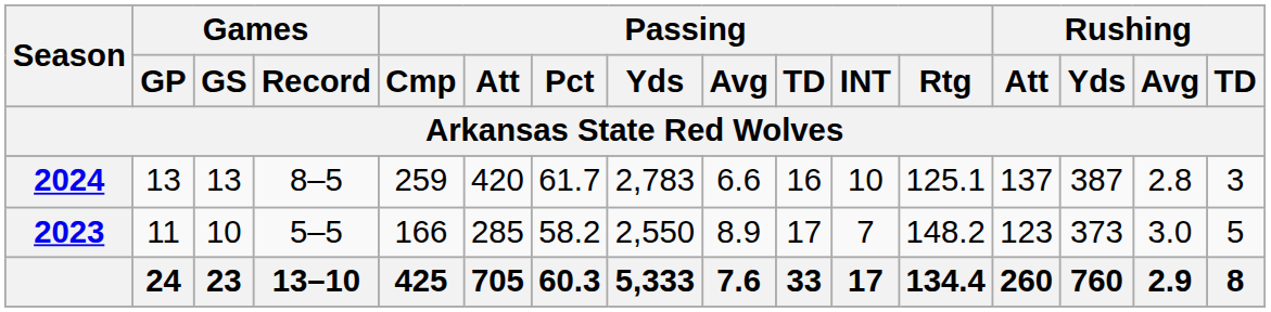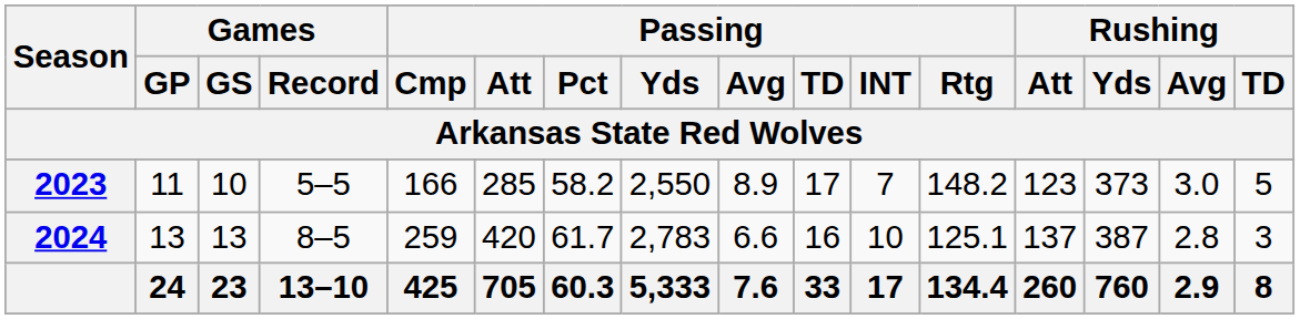 <table class="wikitable" style="text-align:center;">
 <tr>
 <th rowspan="2">Season</th>
 <th colspan="3">Games</th>
 <th colspan="8">Passing</th>
 <th colspan="4">Rushing</th>
 </tr>
 <tr>
 <th>GP</th>
 <th>GS</th>
 <th>Record</th>
 <th>Cmp</th>
 <th>Att</th>
 <th>Pct</th>
 <th>Yds</th>
 <th>Avg</th>
 <th>TD</th>
 <th>INT</th>
 <th>Rtg</th>
 <th>Att</th>
 <th>Yds</th>
 <th>Avg</th>
 <th>TD</th>
 </tr>
 <tr>
 <th colspan="16">Arkansas State Red Wolves</th>
 </tr>
 <tr>
+<th><a href='#'>2023</a></th>
+<td>11</td>
+<td>10</td>
+<td>5–5</td>
+<td>166</td>
+<td>285</td>
+<td>58.2</td>
+<td>2,550</td>
+<td>8.9</td>
+<td>17</td>
+<td>7</td>
+<td>148.2</td>
+<td>123</td>
+<td>373</td>
+<td>3.0</td>
+<td>5</td>
+</tr>
+<tr>
 <th><a href='#'>2024</a></th>
 <td>13</td>
 <td>13</td>
 <td>8–5</td>
 <td>259</td>
 <td>420</td>
 <td>61.7</td>
 <td>2,783</td>
 <td>6.6</td>
 <td>16</td>
 <td>10</td>
 <td>125.1</td>
 <td>137</td>
 <td>387</td>
 <td>2.8</td>
 <td>3</td>
-</tr>
-<tr>
-<th><a href='#'>2023</a></th>
-<td>11</td>
-<td>10</td>
-<td>5–5</td>
-<td>166</td>
-<td>285</td>
-<td>58.2</td>
-<td>2,550</td>
-<td>8.9</td>
-<td>17</td>
-<td>7</td>
-<td>148.2</td>
-<td>123</td>
-<td>373</td>
-<td>3.0</td>
-<td>5</td>
 </tr>
 <tr>
 <th></th>
 <th>24</th>
 <th>23</th>
 <th>13–10</th>
 <th>425</th>
 <th>705</th>
 <th>60.3</th>
 <th>5,333</th>
 <th>7.6</th>
 <th>33</th>
 <th>17</th>
 <th>134.4</th>
 <th>260</th>
 <th>760</th>
 <th>2.9</th>
 <th>8</th>
 </tr>
 </table>
